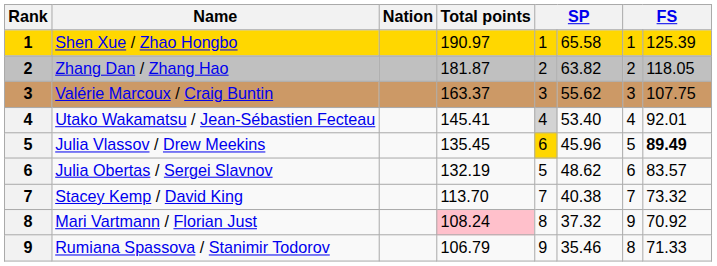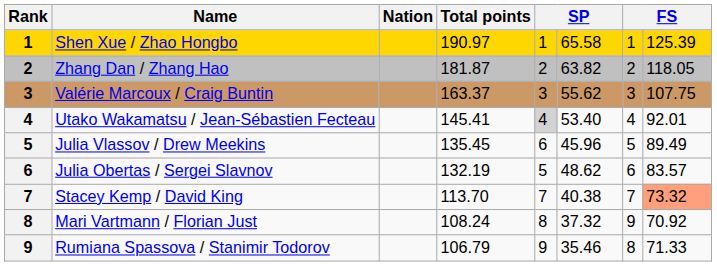 <table class="wikitable">
 <tr>
 <th>Rank</th>
 <th>Name</th>
 <th>Nation</th>
 <th>Total points</th>
 <th colspan="2" width="80px"><a href='#'>SP</a></th>
 <th colspan="2" width="80px"><a href='#'>FS</a></th>
 </tr>
 <tr bgcolor="gold">
 <td align="center"><strong>1</strong></td>
 <td><a href='#'>Shen Xue</a> / <a href='#'>Zhao Hongbo</a></td>
 <td></td>
 <td>190.97</td>
 <td>1</td>
 <td>65.58</td>
 <td>1</td>
 <td>125.39</td>
 </tr>
 <tr bgcolor="silver">
 <td align="center"><strong>2</strong></td>
 <td><a href='#'>Zhang Dan</a> / <a href='#'>Zhang Hao</a></td>
 <td></td>
 <td>181.87</td>
 <td>2</td>
 <td>63.82</td>
 <td>2</td>
 <td>118.05</td>
 </tr>
 <tr bgcolor="cc9966">
 <td align="center"><strong>3</strong></td>
 <td><a href='#'>Valérie Marcoux</a> / <a href='#'>Craig Buntin</a></td>
 <td></td>
 <td>163.37</td>
 <td>3</td>
 <td>55.62</td>
 <td>3</td>
 <td>107.75</td>
 </tr>
 <tr>
 <th>4</th>
 <td><a href='#'>Utako Wakamatsu</a> / <a href='#'>Jean-Sébastien Fecteau</a></td>
 <td></td>
 <td>145.41</td>
 <td style="background: lightgrey;">4</td>
 <td>53.40</td>
 <td>4</td>
 <td>92.01</td>
 </tr>
 <tr>
 <th>5</th>
 <td><a href='#'>Julia Vlassov</a> / <a href='#'>Drew Meekins</a></td>
 <td></td>
 <td>135.45</td>
-<td style="background: gold;">6</td>
+<td>6</td>
 <td>45.96</td>
 <td>5</td>
-<td><strong>89.49</strong></td>
+<td>89.49</td>
 </tr>
 <tr>
 <th>6</th>
 <td><a href='#'>Julia Obertas</a> / <a href='#'>Sergei Slavnov</a></td>
 <td></td>
 <td>132.19</td>
 <td>5</td>
 <td>48.62</td>
 <td>6</td>
 <td>83.57</td>
 </tr>
 <tr>
 <th>7</th>
 <td><a href='#'>Stacey Kemp</a> / <a href='#'>David King</a></td>
 <td></td>
 <td>113.70</td>
 <td>7</td>
 <td>40.38</td>
 <td>7</td>
-<td>73.32</td>
+<td style="background: lightsalmon;">73.32</td>
 </tr>
 <tr>
 <th>8</th>
 <td><a href='#'>Mari Vartmann</a> / <a href='#'>Florian Just</a></td>
 <td></td>
-<td style="background: pink;">108.24</td>
+<td>108.24</td>
 <td>8</td>
 <td>37.32</td>
 <td>9</td>
 <td>70.92</td>
 </tr>
 <tr>
 <th>9</th>
 <td><a href='#'>Rumiana Spassova</a> / <a href='#'>Stanimir Todorov</a></td>
 <td></td>
 <td>106.79</td>
 <td>9</td>
 <td>35.46</td>
 <td>8</td>
 <td>71.33</td>
 </tr>
 </table>
